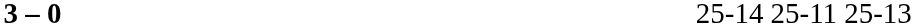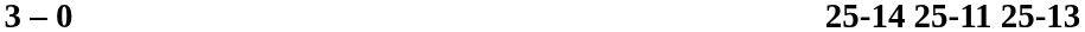 <table width=100% cellspacing=1>
 <tr>
 <th width=20%></th>
 <th width=12%></th>
 <th width=20%></th>
 <th width=33%></th>
 <td></td>
 </tr>
 <tr style=font-size:90%>
 <td align=right><strong></strong></td>
 <td align=center><strong>3 – 0</strong></td>
 <td></td>
-<td>25-14 25-11 25-13</td>
+<td><strong>25-14 25-11 25-13</strong></td>
 </tr>
 </table>
